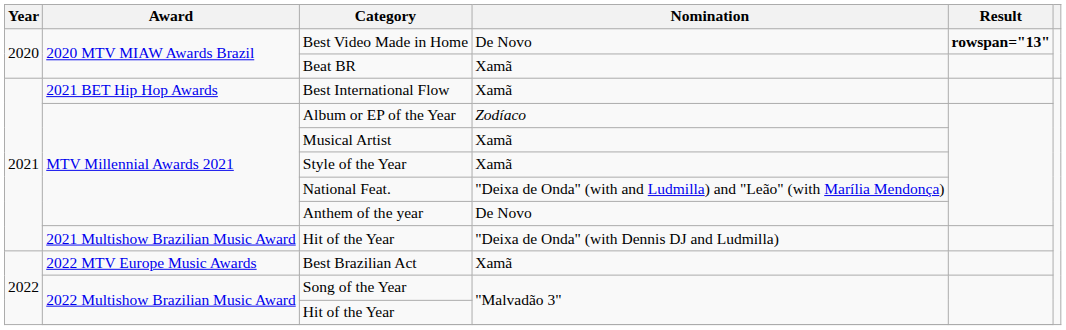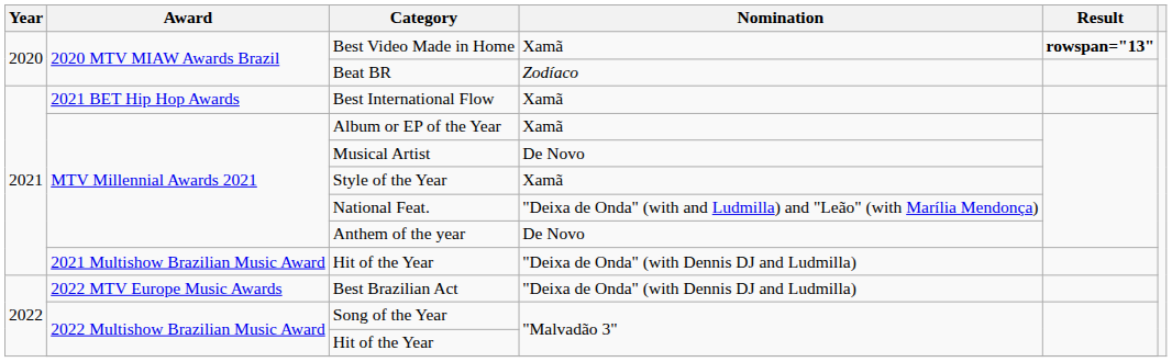 <table class="wikitable">
 <tr>
 <th>Year</th>
 <th>Award</th>
 <th>Category</th>
 <th>Nomination</th>
 <th>Result</th>
 <th></th>
 </tr>
 <tr>
 <td rowspan="2">2020</td>
 <td rowspan="2"><a href='#'>2020 MTV MIAW Awards Brazil</a></td>
 <td>Best Video Made in Home</td>
-<td>De Novo</td>
+<td>Xamã</td>
 <td><strong>rowspan="13"</strong></td>
 <td rowspan="2"></td>
 </tr>
 <tr>
 <td>Beat BR</td>
-<td>Xamã</td>
+<td><em>Zodíaco</em></td>
 </tr>
 <tr>
 <td rowspan="7">2021</td>
 <td><a href='#'>2021 BET Hip Hop Awards</a></td>
 <td>Best International Flow</td>
 <td>Xamã</td>
 <td></td>
 </tr>
 <tr>
 <td rowspan="5"><a href='#'>MTV Millennial Awards 2021</a></td>
 <td>Album or EP of the Year</td>
-<td><em>Zodíaco</em></td>
+<td>Xamã</td>
 <td rowspan="5"></td>
 </tr>
 <tr>
 <td>Musical Artist</td>
-<td>Xamã</td>
+<td>De Novo</td>
 </tr>
 <tr>
 <td>Style of the Year</td>
 <td>Xamã</td>
 </tr>
 <tr>
 <td>National Feat.</td>
 <td>"Deixa de Onda" (with  and <a href='#'>Ludmilla</a>) and "Leão" (with <a href='#'>Marília Mendonça</a>)</td>
 </tr>
 <tr>
 <td>Anthem of the year</td>
 <td>De Novo</td>
 </tr>
 <tr>
 <td><a href='#'>2021 Multishow Brazilian Music Award</a></td>
 <td>Hit of the Year</td>
 <td>"Deixa de Onda" (with Dennis DJ and Ludmilla)</td>
 <td></td>
 </tr>
 <tr>
 <td rowspan="4">2022</td>
 <td><a href='#'>2022 MTV Europe Music Awards</a></td>
 <td>Best Brazilian Act</td>
-<td>Xamã</td>
+<td>"Deixa de Onda" (with Dennis DJ and Ludmilla)</td>
 <td></td>
 </tr>
 <tr>
 <td rowspan="2"><a href='#'>2022 Multishow Brazilian Music Award</a></td>
 <td>Song of the Year</td>
 <td rowspan="2">"Malvadão 3"</td>
 <td rowspan="2"></td>
 </tr>
 <tr>
 <td>Hit of the Year</td>
 </tr>
 <tr>
 </tr>
 </table>
